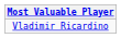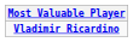 <table class=wikitable style="text-align:center; margin:auto">
 <tr>
 <th><a href='#'>Most Valuable Player</a></th>
 </tr>
 <tr>
-<td> <a href='#'>Vladimir Ricardino</a></td>
+<td><strong> <a href='#'>Vladimir Ricardino</a></strong></td>
 </tr>
 </table>
